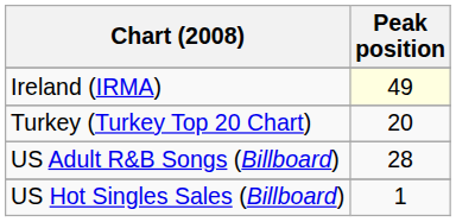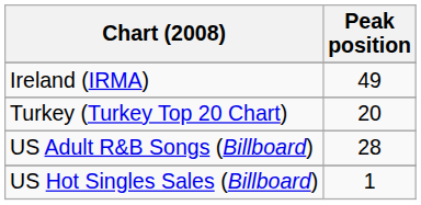 <table class="wikitable sortable">
 <tr>
 <th>Chart (2008)</th>
 <th>Peak<br>position</th>
 </tr>
 <tr>
 </tr>
 <tr>
 <td align="left">Ireland (<a href='#'>IRMA</a>)</td>
-<td style="background: lightyellow; text-align:center;">49</td>
+<td style="text-align:center;">49</td>
 </tr>
 <tr>
 </tr>
 <tr>
 </tr>
 <tr>
 <td align="left">Turkey (<a href='#'>Turkey Top 20 Chart</a>)</td>
 <td style="text-align:center;">20</td>
 </tr>
 <tr>
 </tr>
 <tr>
 </tr>
 <tr>
 <td align="left">US <a href='#'>Adult R&B Songs</a> (<em><a href='#'>Billboard</a></em>)</td>
 <td style="text-align:center;">28</td>
 </tr>
 <tr>
 </tr>
 <tr>
 </tr>
 <tr>
 <td align="left">US <a href='#'>Hot Singles Sales</a> (<em><a href='#'>Billboard</a></em>)</td>
 <td style="text-align:center;">1</td>
 </tr>
 </table>
